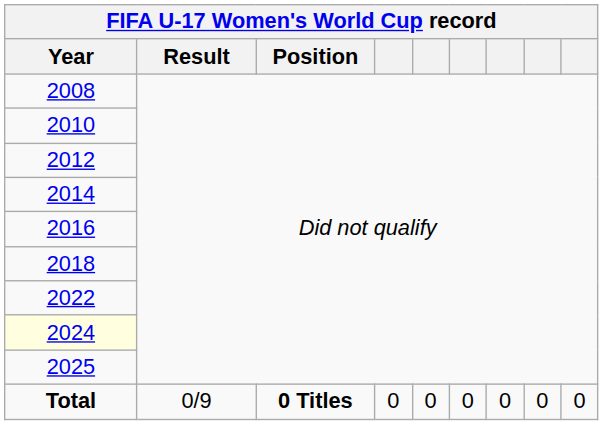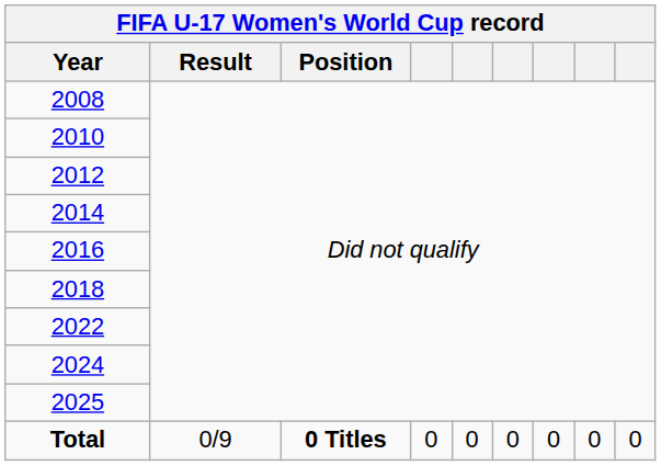 <table class="wikitable" style="text-align: center;">
 <tr>
 <th colspan="9"><a href='#'>FIFA U-17 Women's World Cup</a> record</th>
 </tr>
 <tr>
 <th width="90">Year</th>
 <th width="80">Result</th>
 <th width="80">Position</th>
 <th width="20"></th>
 <th width="20"></th>
 <th width="20"></th>
 <th width="20"></th>
 <th width="20"></th>
 <th width="20"></th>
 </tr>
 <tr>
 <td> <a href='#'>2008</a></td>
 <td rowspan=9 colspan=8><em>Did not qualify</em></td>
 </tr>
 <tr>
 <td> <a href='#'>2010</a></td>
 </tr>
 <tr>
 <td> <a href='#'>2012</a></td>
 </tr>
 <tr>
 <td> <a href='#'>2014</a></td>
 </tr>
 <tr>
 <td> <a href='#'>2016</a></td>
 </tr>
 <tr>
 <td> <a href='#'>2018</a></td>
 </tr>
 <tr>
 <td> <a href='#'>2022</a></td>
 </tr>
 <tr>
-<td style="background: lightyellow;"> <a href='#'>2024</a></td>
+<td> <a href='#'>2024</a></td>
 </tr>
 <tr>
 <td> <a href='#'>2025</a></td>
 </tr>
 <tr>
 <td><strong>Total</strong></td>
 <td>0/9</td>
 <td><strong>0 Titles</strong></td>
 <td>0</td>
 <td>0</td>
 <td>0</td>
 <td>0</td>
 <td>0</td>
 <td>0</td>
 </tr>
 </table>
